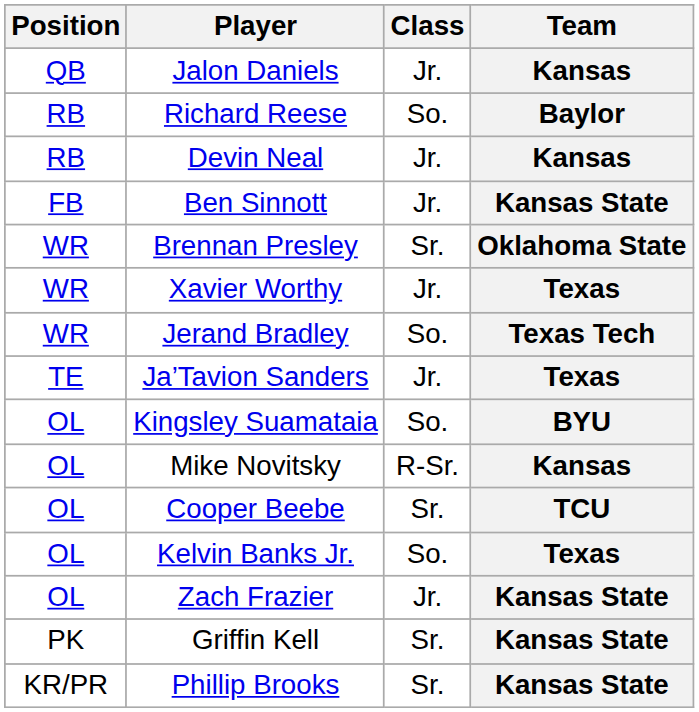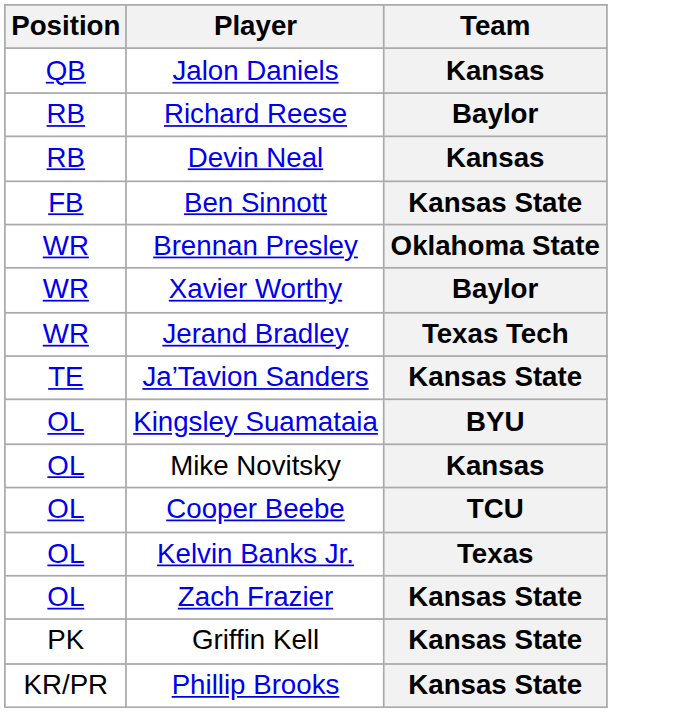 <table class="wikitable sortable" border="1">
 <tr>
 <th>Position</th>
 <th>Player</th>
-<th>Class</th>
 <th>Team</th>
 </tr>
 <tr>
 <td style="text-align:center; background:white"><a href='#'>QB</a></td>
 <td style="text-align:center; background:white"><a href='#'>Jalon Daniels</a></td>
-<td style="text-align:center; background:white">Jr.</td>
 <th>Kansas</th>
 </tr>
 <tr>
 <td style="text-align:center; background:white"><a href='#'>RB</a></td>
 <td style="text-align:center; background:white"><a href='#'>Richard Reese</a></td>
-<td style="text-align:center; background:white">So.</td>
 <th>Baylor</th>
 </tr>
 <tr>
 <td style="text-align:center; background:white"><a href='#'>RB</a></td>
 <td style="text-align:center; background:white"><a href='#'>Devin Neal</a></td>
-<td style="text-align:center; background:white">Jr.</td>
 <th>Kansas</th>
 </tr>
 <tr>
 <td style="text-align:center; background:white"><a href='#'>FB</a></td>
 <td style="text-align:center; background:white"><a href='#'>Ben Sinnott</a></td>
-<td style="text-align:center; background:white">Jr.</td>
 <th>Kansas State</th>
 </tr>
 <tr>
 <td style="text-align:center; background:white"><a href='#'>WR</a></td>
 <td style="text-align:center; background:white"><a href='#'>Brennan Presley</a></td>
-<td style="text-align:center; background:white">Sr.</td>
 <th>Oklahoma State</th>
 </tr>
 <tr>
 <td style="text-align:center; background:white"><a href='#'>WR</a></td>
 <td style="text-align:center; background:white"><a href='#'>Xavier Worthy</a></td>
-<td style="text-align:center; background:white">Jr.</td>
-<th>Texas</th>
+<th>Baylor</th>
 </tr>
 <tr>
 <td style="text-align:center; background:white"><a href='#'>WR</a></td>
 <td style="text-align:center; background:white"><a href='#'>Jerand Bradley</a></td>
-<td style="text-align:center; background:white">So.</td>
 <th>Texas Tech</th>
 </tr>
 <tr>
 <td style="text-align:center; background:white"><a href='#'>TE</a></td>
 <td style="text-align:center; background:white"><a href='#'>Ja’Tavion Sanders</a></td>
-<td style="text-align:center; background:white">Jr.</td>
-<th>Texas</th>
+<th>Kansas State</th>
 </tr>
 <tr>
 <td style="text-align:center; background:white"><a href='#'>OL</a></td>
 <td style="text-align:center; background:white"><a href='#'>Kingsley Suamataia</a></td>
-<td style="text-align:center; background:white">So.</td>
 <th>BYU</th>
 </tr>
 <tr>
 <td style="text-align:center; background:white"><a href='#'>OL</a></td>
 <td style="text-align:center; background:white">Mike Novitsky</td>
-<td style="text-align:center; background:white">R-Sr.</td>
 <th>Kansas</th>
 </tr>
 <tr>
 <td style="text-align:center; background:white"><a href='#'>OL</a></td>
 <td style="text-align:center; background:white"><a href='#'>Cooper Beebe</a></td>
-<td style="text-align:center; background:white">Sr.</td>
 <th>TCU</th>
 </tr>
 <tr>
 <td style="text-align:center; background:white"><a href='#'>OL</a></td>
 <td style="text-align:center; background:white"><a href='#'>Kelvin Banks Jr.</a></td>
-<td style="text-align:center; background:white">So.</td>
 <th>Texas</th>
 </tr>
 <tr>
 <td style="text-align:center; background:white"><a href='#'>OL</a></td>
 <td style="text-align:center; background:white"><a href='#'>Zach Frazier</a></td>
-<td style="text-align:center; background:white">Jr.</td>
 <th>Kansas State</th>
 </tr>
 <tr>
 <td style="text-align:center; background:white">PK</td>
 <td style="text-align:center; background:white">Griffin Kell</td>
-<td style="text-align:center; background:white">Sr.</td>
 <th>Kansas State</th>
 </tr>
 <tr>
 <td style="text-align:center; background:white">KR/PR</td>
 <td style="text-align:center; background:white"><a href='#'>Phillip Brooks</a></td>
-<td style="text-align:center; background:white">Sr.</td>
 <th>Kansas State</th>
 </tr>
 </table>
